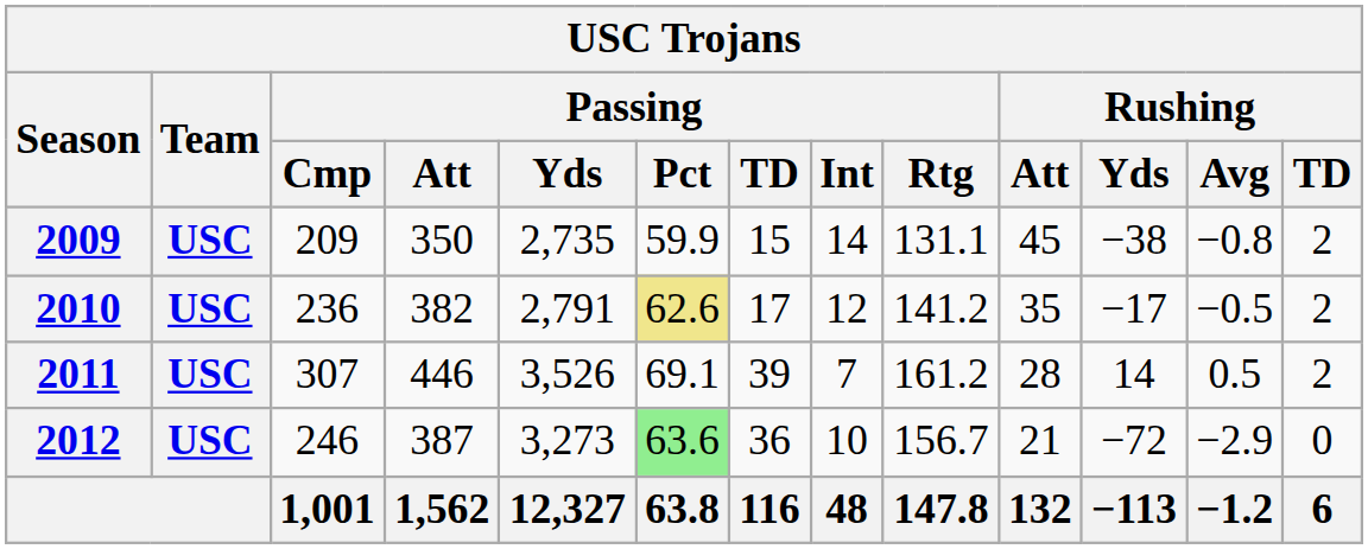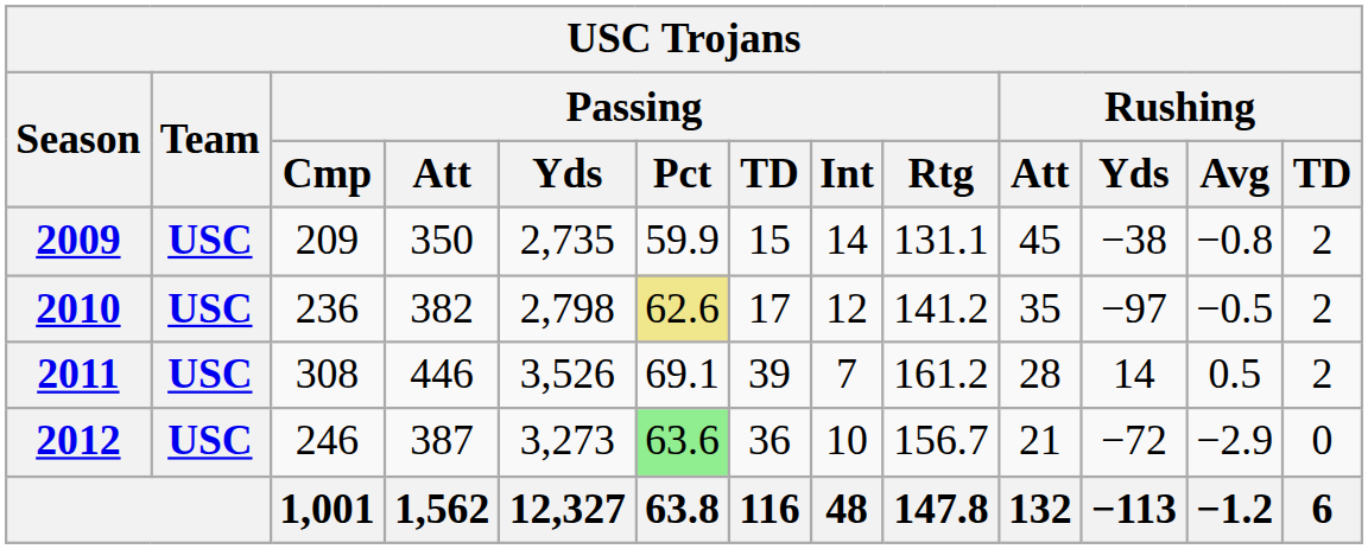 <table class="wikitable" style="text-align:center;">
 <tr>
 <th colspan="15">USC Trojans</th>
 </tr>
 <tr>
 <th rowspan="2">Season</th>
 <th rowspan="2">Team</th>
 <th colspan="7">Passing</th>
 <th colspan="4">Rushing</th>
 </tr>
 <tr>
 <th>Cmp</th>
 <th>Att</th>
 <th>Yds</th>
 <th>Pct</th>
 <th>TD</th>
 <th>Int</th>
 <th>Rtg</th>
 <th>Att</th>
 <th>Yds</th>
 <th>Avg</th>
 <th>TD</th>
 </tr>
 <tr>
 <th><a href='#'>2009</a></th>
 <th><a href='#'>USC</a></th>
 <td>209</td>
 <td>350</td>
 <td>2,735</td>
 <td>59.9</td>
 <td>15</td>
 <td>14</td>
 <td>131.1</td>
 <td>45</td>
 <td>−38</td>
 <td>−0.8</td>
 <td>2</td>
 </tr>
 <tr>
 <th><a href='#'>2010</a></th>
 <th><a href='#'>USC</a></th>
 <td>236</td>
 <td>382</td>
-<td>2,791</td>
+<td>2,798</td>
 <td style="background: khaki;">62.6</td>
 <td>17</td>
 <td>12</td>
 <td>141.2</td>
 <td>35</td>
-<td>−17</td>
+<td>−97</td>
 <td>−0.5</td>
 <td>2</td>
 </tr>
 <tr>
 <th><a href='#'>2011</a></th>
 <th><a href='#'>USC</a></th>
-<td>307</td>
+<td>308</td>
 <td>446</td>
 <td>3,526</td>
 <td>69.1</td>
 <td>39</td>
 <td>7</td>
 <td>161.2</td>
 <td>28</td>
 <td>14</td>
 <td>0.5</td>
 <td>2</td>
 </tr>
 <tr>
 <th><a href='#'>2012</a></th>
 <th><a href='#'>USC</a></th>
 <td>246</td>
 <td>387</td>
 <td>3,273</td>
 <td style="background: lightgreen;">63.6</td>
 <td>36</td>
 <td>10</td>
 <td>156.7</td>
 <td>21</td>
 <td>−72</td>
 <td>−2.9</td>
 <td>0</td>
 </tr>
 <tr>
 <th colspan="2"></th>
 <th>1,001</th>
 <th>1,562</th>
 <th>12,327</th>
 <th>63.8</th>
 <th>116</th>
 <th>48</th>
 <th>147.8</th>
 <th>132</th>
 <th>−113</th>
 <th>−1.2</th>
 <th>6</th>
 </tr>
 </table>
